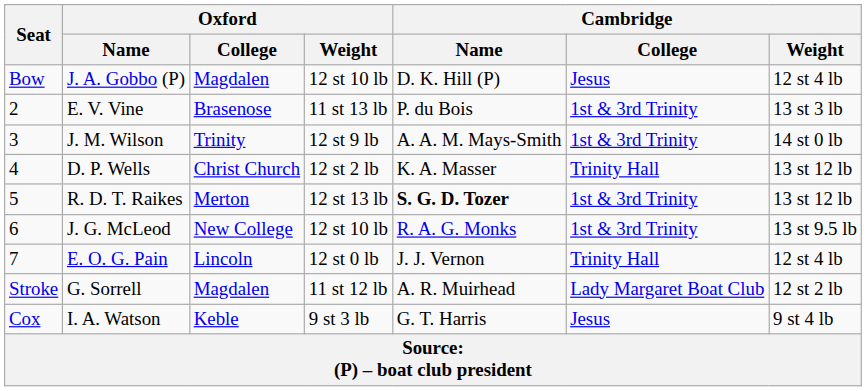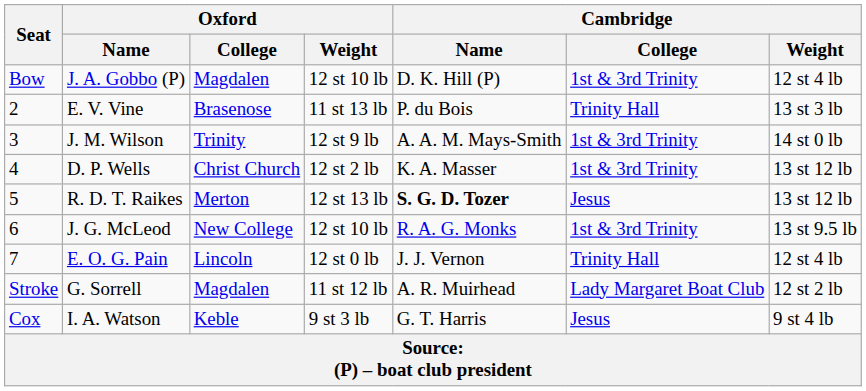 <table class="wikitable">
 <tr>
 <th rowspan="2" scope="col">Seat</th>
 <th colspan="3" scope="col">Oxford <br> </th>
 <th colspan="3" scope="col">Cambridge <br> </th>
 </tr>
 <tr>
 <th>Name</th>
 <th>College</th>
 <th>Weight</th>
 <th>Name</th>
 <th>College</th>
 <th>Weight</th>
 </tr>
 <tr>
 <td><a href='#'>Bow</a></td>
 <td><a href='#'>J. A. Gobbo</a> (P)</td>
 <td><a href='#'>Magdalen</a></td>
 <td>12 st 10 lb</td>
 <td>D. K. Hill (P)</td>
-<td><a href='#'>Jesus</a></td>
+<td><a href='#'>1st & 3rd Trinity</a></td>
 <td>12 st 4 lb</td>
 </tr>
 <tr>
 <td>2</td>
 <td>E. V. Vine</td>
 <td><a href='#'>Brasenose</a></td>
 <td>11 st 13 lb</td>
 <td>P. du Bois</td>
-<td><a href='#'>1st & 3rd Trinity</a></td>
+<td><a href='#'>Trinity Hall</a></td>
 <td>13 st 3 lb</td>
 </tr>
 <tr>
 <td>3</td>
 <td>J. M. Wilson</td>
 <td><a href='#'>Trinity</a></td>
 <td>12 st 9 lb</td>
 <td>A. A. M. Mays-Smith</td>
 <td><a href='#'>1st & 3rd Trinity</a></td>
 <td>14 st 0 lb</td>
 </tr>
 <tr>
 <td>4</td>
 <td>D. P. Wells</td>
 <td><a href='#'>Christ Church</a></td>
 <td>12 st 2 lb</td>
 <td>K. A. Masser</td>
-<td><a href='#'>Trinity Hall</a></td>
+<td><a href='#'>1st & 3rd Trinity</a></td>
 <td>13 st 12 lb</td>
 </tr>
 <tr>
 <td>5</td>
 <td>R. D. T. Raikes</td>
 <td><a href='#'>Merton</a></td>
 <td>12 st 13 lb</td>
 <td><strong>S. G. D. Tozer</strong></td>
-<td><a href='#'>1st & 3rd Trinity</a></td>
+<td><a href='#'>Jesus</a></td>
 <td>13 st 12 lb</td>
 </tr>
 <tr>
 <td>6</td>
 <td>J. G. McLeod</td>
 <td><a href='#'>New College</a></td>
 <td>12 st 10 lb</td>
 <td><a href='#'>R. A. G. Monks</a></td>
 <td><a href='#'>1st & 3rd Trinity</a></td>
 <td>13 st 9.5 lb</td>
 </tr>
 <tr>
 <td>7</td>
 <td><a href='#'>E. O. G. Pain</a></td>
 <td><a href='#'>Lincoln</a></td>
 <td>12 st 0 lb</td>
 <td>J. J. Vernon</td>
 <td><a href='#'>Trinity Hall</a></td>
 <td>12 st 4 lb</td>
 </tr>
 <tr>
 <td><a href='#'>Stroke</a></td>
 <td>G. Sorrell</td>
 <td><a href='#'>Magdalen</a></td>
 <td>11 st 12 lb</td>
 <td>A. R. Muirhead</td>
 <td><a href='#'>Lady Margaret Boat Club</a></td>
 <td>12 st 2 lb</td>
 </tr>
 <tr>
 <td><a href='#'>Cox</a></td>
 <td>I. A. Watson</td>
 <td><a href='#'>Keble</a></td>
 <td>9 st 3 lb</td>
 <td>G. T. Harris</td>
 <td><a href='#'>Jesus</a></td>
 <td>9 st 4 lb</td>
 </tr>
 <tr>
 <th colspan="7">Source:<br>(P) – boat club president</th>
 </tr>
 </table>
